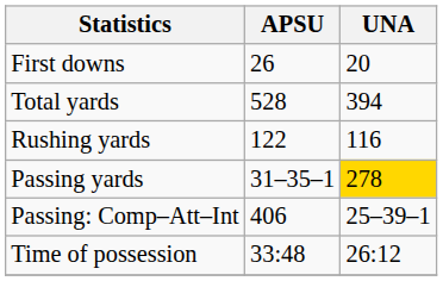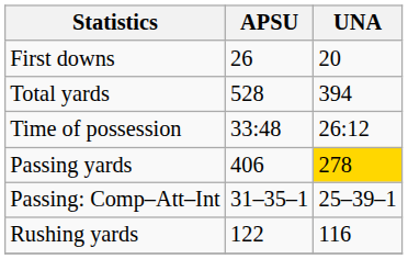 <table class="wikitable" style="float: left;">
 <tr>
 <th>Statistics</th>
 <th>APSU</th>
 <th>UNA</th>
 </tr>
 <tr>
 <td>First downs</td>
 <td>26</td>
 <td>20</td>
 </tr>
 <tr>
 <td>Total yards</td>
 <td>528</td>
 <td>394</td>
 </tr>
 <tr>
+<td>Time of possession</td>
+<td>33:48</td>
+<td>26:12</td>
+</tr>
+<tr>
+<td>Passing yards</td>
+<td>406</td>
+<td style="background: gold;">278</td>
+</tr>
+<tr>
+<td>Passing: Comp–Att–Int</td>
+<td>31–35–1</td>
+<td>25–39–1</td>
+</tr>
+<tr>
 <td>Rushing yards</td>
 <td>122</td>
 <td>116</td>
 </tr>
 <tr>
-<td>Passing yards</td>
-<td>31–35–1</td>
-<td style="background: gold;">278</td>
-</tr>
-<tr>
-<td>Passing: Comp–Att–Int</td>
-<td>406</td>
-<td>25–39–1</td>
-</tr>
-<tr>
-<td>Time of possession</td>
-<td>33:48</td>
-<td>26:12</td>
-</tr>
-<tr>
 </tr>
 </table>
